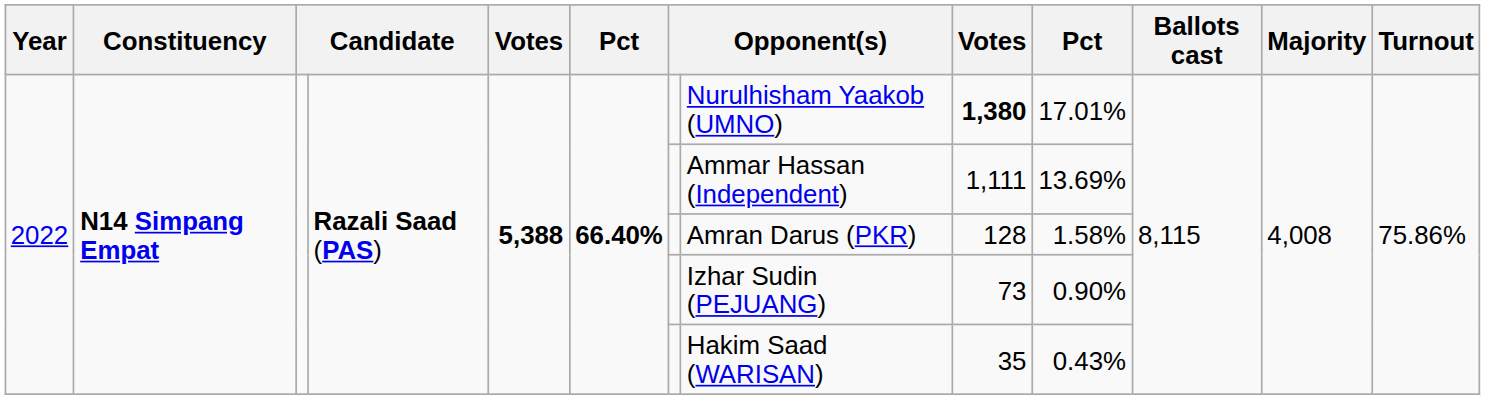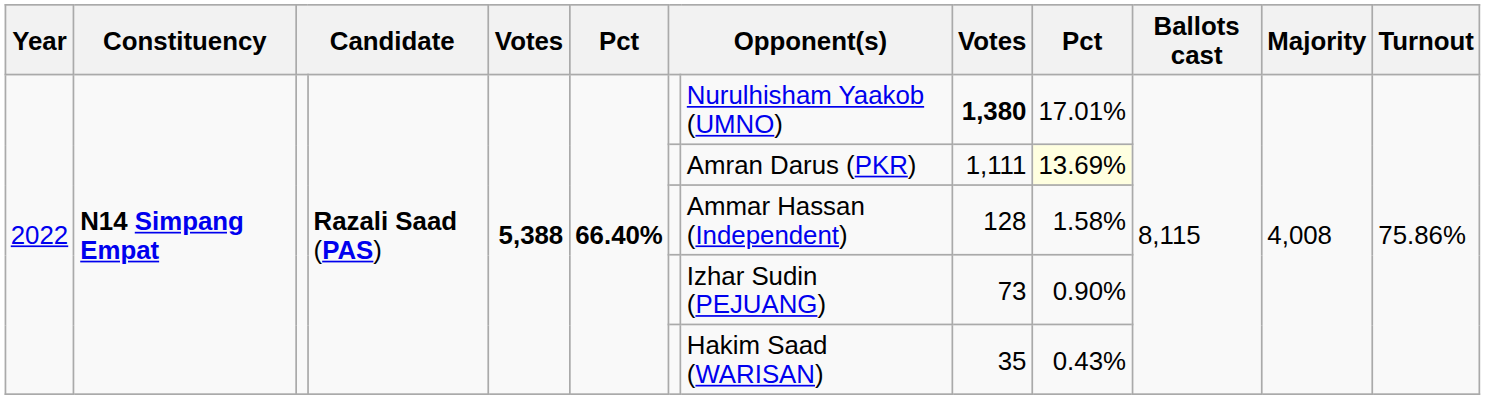 <table class="wikitable" style="margin:0.5em ; font-size:95%">
 <tr>
 <th>Year</th>
 <th>Constituency</th>
 <th colspan="2">Candidate</th>
 <th>Votes</th>
 <th>Pct</th>
 <th colspan="2">Opponent(s)</th>
 <th>Votes</th>
 <th>Pct</th>
 <th>Ballots cast</th>
 <th>Majority</th>
 <th>Turnout</th>
 </tr>
 <tr>
 <td rowspan=5><a href='#'>2022</a></td>
 <td rowspan=5><strong>N14 <a href='#'>Simpang Empat</a></strong></td>
 <td rowspan=5 bgcolor=></td>
 <td rowspan=5><strong>Razali Saad</strong> (<a href='#'><strong>PAS</strong></a>)</td>
 <td rowspan=5 align="right"><strong>5,388</strong></td>
 <td rowspan=5 align="right"><strong>66.40%</strong></td>
 <td></td>
 <td><a href='#'>Nurulhisham Yaakob</a> (<a href='#'>UMNO</a>)</td>
 <td align="right"><strong>1,380</strong></td>
 <td align="right">17.01%</td>
 <td rowspan=5>8,115</td>
 <td rowspan=5>4,008</td>
 <td rowspan=5>75.86%</td>
 </tr>
 <tr>
 <td></td>
-<td>Ammar Hassan (<a href='#'>Independent</a>)</td>
+<td>Amran Darus (<a href='#'>PKR</a>)</td>
 <td align="right">1,111</td>
-<td align="right">13.69%</td>
+<td align="right" style="background: lightyellow;">13.69%</td>
 </tr>
 <tr>
 <td></td>
-<td>Amran Darus (<a href='#'>PKR</a>)</td>
+<td>Ammar Hassan (<a href='#'>Independent</a>)</td>
 <td align="right">128</td>
 <td align="right">1.58%</td>
 </tr>
 <tr>
 <td bgcolor=></td>
 <td>Izhar Sudin (<a href='#'>PEJUANG</a>)</td>
 <td align="right">73</td>
 <td align="right">0.90%</td>
 </tr>
 <tr>
 <td></td>
 <td>Hakim Saad (<a href='#'>WARISAN</a>)</td>
 <td align="right">35</td>
 <td align="right">0.43%</td>
 </tr>
 </table>
